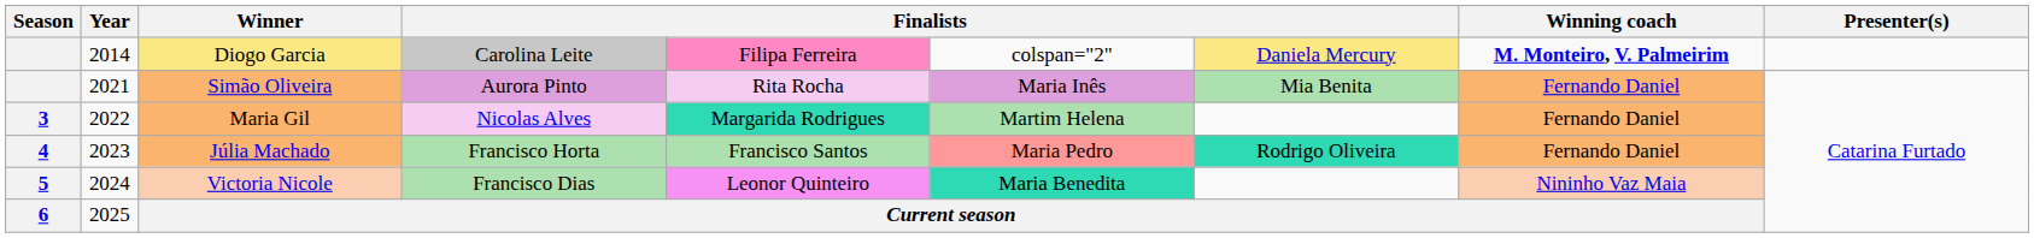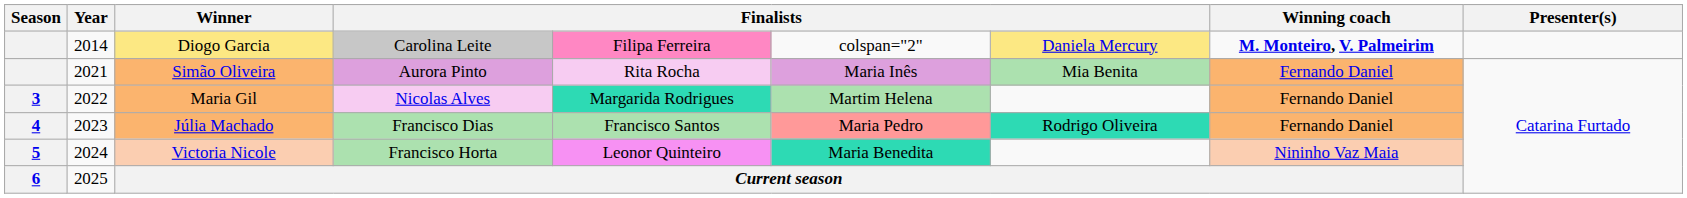 <table class="wikitable" style="text-align:center; font-size:100%; line-height:18px; width:100%">
 <tr>
 <th scope="col" width="01%">Season</th>
 <th scope="col" width="01%">Year</th>
 <th scope="col" width="10%">Winner</th>
 <th colspan="4" width="00%">Finalists</th>
 <th scope="col" width="10%">Winning coach</th>
 <th scope="col" width="10%">Presenter(s)</th>
 </tr>
 <tr>
 <th></th>
 <td>2014</td>
 <td style="background:#FCE883">Diogo Garcia</td>
 <td style="background:#c7c7c7">Carolina Leite</td>
 <td style="background:#FF87C3">Filipa Ferreira</td>
 <td>colspan="2" </td>
 <td style="background:#FCE883"><a href='#'>Daniela Mercury</a></td>
 <td nowrap><strong><a href='#'>M. Monteiro</a>, <a href='#'>V. Palmeirim</a></strong></td>
 </tr>
 <tr>
 <th></th>
 <td>2021</td>
 <td style="background:#fbb46e"><a href='#'>Simão Oliveira</a></td>
 <td style="background:#dda0dd; width:10%">Aurora Pinto</td>
 <td style="background:#f7ccf2; width:10%">Rita Rocha</td>
 <td style="background:#dda0dd; width:10%">Maria Inês</td>
 <td style="background:#ace1af; width:10%">Mia Benita</td>
 <td style="background:#fbb46e"><a href='#'>Fernando Daniel</a></td>
 <td rowspan="5"><a href='#'>Catarina Furtado</a></td>
 </tr>
 <tr>
 <th><a href='#'>3</a></th>
 <td>2022</td>
 <td style="background:#fbb46e">Maria Gil</td>
 <td style="background:#f7ccf2"><a href='#'>Nicolas Alves</a></td>
 <td style="background:#2ddab4">Margarida Rodrigues</td>
 <td style="background:#ace1af">Martim Helena</td>
 <td></td>
 <td style="background:#fbb46e">Fernando Daniel</td>
 </tr>
 <tr>
 <th><a href='#'>4</a></th>
 <td>2023</td>
 <td style="background:#fbb46e"><a href='#'>Júlia Machado</a></td>
-<td style="background:#ace1af">Francisco Horta</td>
+<td style="background:#ace1af">Francisco Dias</td>
 <td style="background:#ace1af">Francisco Santos</td>
 <td style="background:#ff9999">Maria Pedro</td>
 <td style="background:#2ddab4">Rodrigo Oliveira</td>
 <td style="background:#fbb46e">Fernando Daniel</td>
 </tr>
 <tr>
 <th><a href='#'>5</a></th>
 <td>2024</td>
 <td style="background:#fbceb1"><a href='#'>Victoria Nicole</a></td>
-<td style="background:#ace1af">Francisco Dias</td>
+<td style="background:#ace1af">Francisco Horta</td>
 <td style="background:#f791f3">Leonor Quinteiro</td>
 <td style="background:#2ddab4">Maria Benedita</td>
 <td></td>
 <td style="background:#fbceb1"><a href='#'>Nininho Vaz Maia</a></td>
 </tr>
 <tr>
 <th><a href='#'>6</a></th>
 <td>2025</td>
 <th colspan="6"><em>Current season</em></th>
 </tr>
 </table>
